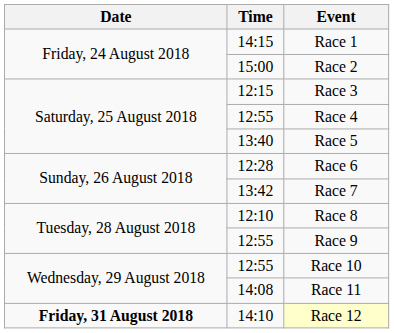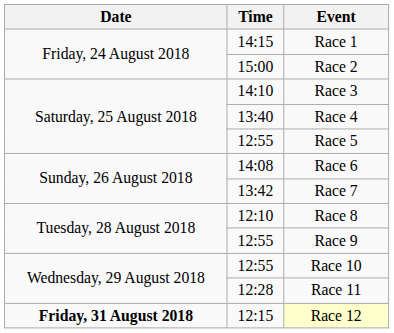 <table class = "wikitable" style="text-align:center;">
 <tr>
 <th width=220>Date</th>
 <th width=50>Time</th>
 <th width=100>Event</th>
 </tr>
 <tr>
 <td rowspan=2>Friday, 24 August 2018</td>
 <td>14:15</td>
 <td>Race 1</td>
 </tr>
 <tr>
 <td>15:00</td>
 <td>Race 2</td>
 </tr>
 <tr>
 <td rowspan=3>Saturday, 25 August 2018</td>
-<td>12:15</td>
+<td>14:10</td>
 <td>Race 3</td>
 </tr>
 <tr>
-<td>12:55</td>
+<td>13:40</td>
 <td>Race 4</td>
 </tr>
 <tr>
-<td>13:40</td>
+<td>12:55</td>
 <td>Race 5</td>
 </tr>
 <tr>
 <td rowspan=2>Sunday, 26 August 2018</td>
-<td>12:28</td>
+<td>14:08</td>
 <td>Race 6</td>
 </tr>
 <tr>
 <td>13:42</td>
 <td>Race 7</td>
 </tr>
 <tr>
 <td rowspan=2>Tuesday, 28 August 2018</td>
 <td>12:10</td>
 <td>Race 8</td>
 </tr>
 <tr>
 <td>12:55</td>
 <td>Race 9</td>
 </tr>
 <tr>
 <td rowspan=2>Wednesday, 29 August 2018</td>
 <td>12:55</td>
 <td>Race 10</td>
 </tr>
 <tr>
-<td>14:08</td>
+<td>12:28</td>
 <td>Race 11</td>
 </tr>
 <tr>
 <td><strong>Friday, 31 August 2018</strong></td>
-<td>14:10</td>
+<td>12:15</td>
 <td bgcolor=ffffcc>Race 12</td>
 </tr>
 </table>
